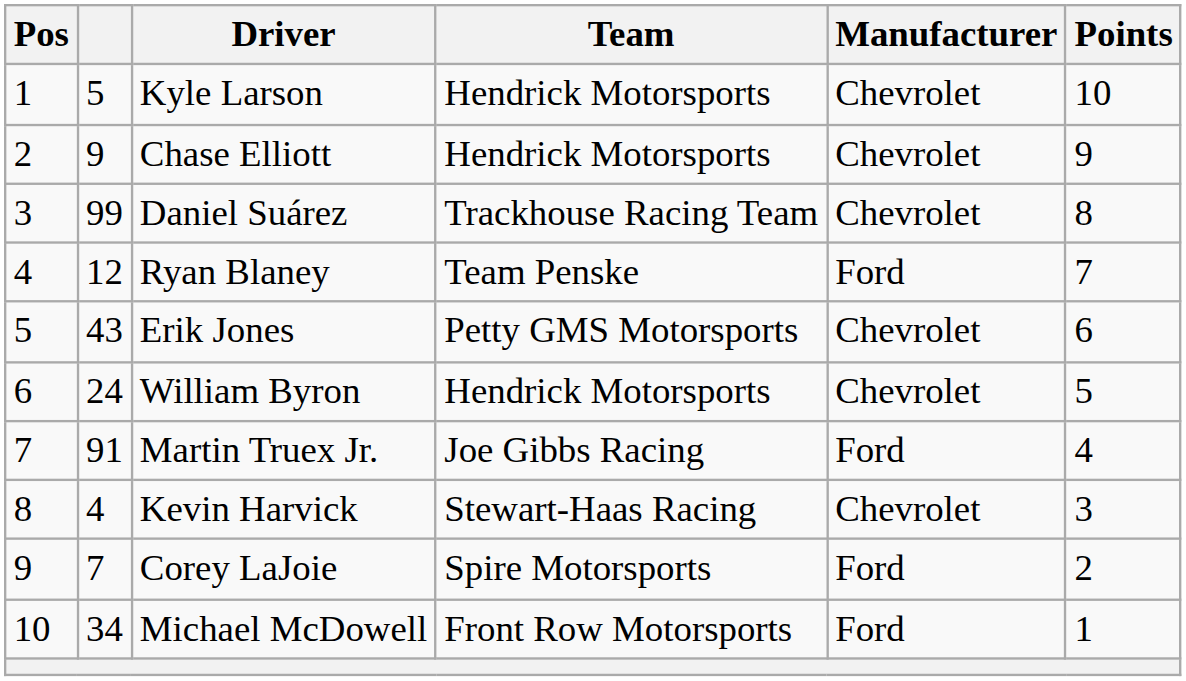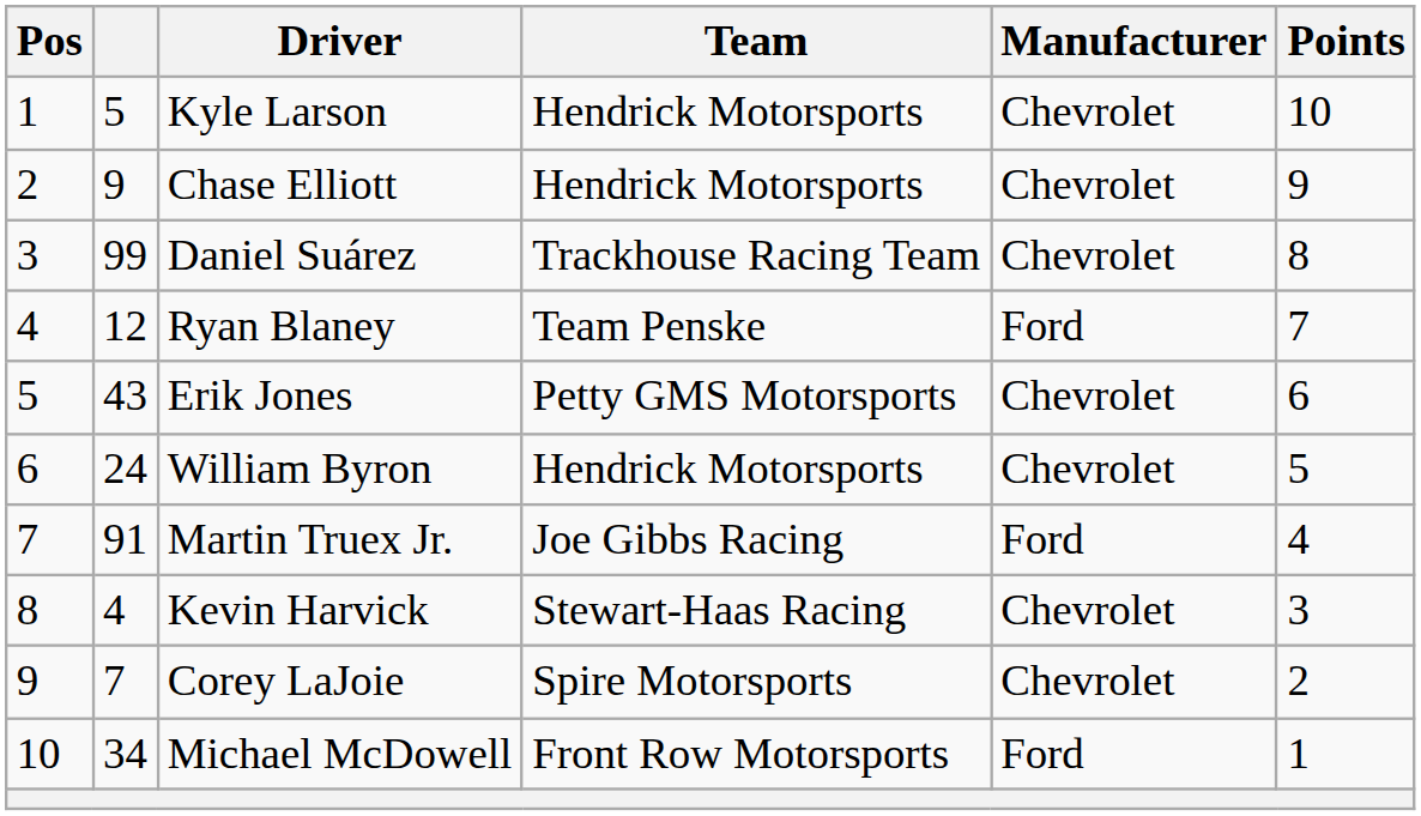 <table class="wikitable" style="font-size:98%">
 <tr>
 <th>Pos</th>
 <th></th>
 <th>Driver</th>
 <th>Team</th>
 <th>Manufacturer</th>
 <th>Points</th>
 </tr>
 <tr>
 <td>1</td>
 <td>5</td>
 <td>Kyle Larson</td>
 <td>Hendrick Motorsports</td>
 <td>Chevrolet</td>
 <td>10</td>
 </tr>
 <tr>
 <td>2</td>
 <td>9</td>
 <td>Chase Elliott</td>
 <td>Hendrick Motorsports</td>
 <td>Chevrolet</td>
 <td>9</td>
 </tr>
 <tr>
 <td>3</td>
 <td>99</td>
 <td>Daniel Suárez</td>
 <td>Trackhouse Racing Team</td>
 <td>Chevrolet</td>
 <td>8</td>
 </tr>
 <tr>
 <td>4</td>
 <td>12</td>
 <td>Ryan Blaney</td>
 <td>Team Penske</td>
 <td>Ford</td>
 <td>7</td>
 </tr>
 <tr>
 <td>5</td>
 <td>43</td>
 <td>Erik Jones</td>
 <td>Petty GMS Motorsports</td>
 <td>Chevrolet</td>
 <td>6</td>
 </tr>
 <tr>
 <td>6</td>
 <td>24</td>
 <td>William Byron</td>
 <td>Hendrick Motorsports</td>
 <td>Chevrolet</td>
 <td>5</td>
 </tr>
 <tr>
 <td>7</td>
 <td>91</td>
 <td>Martin Truex Jr.</td>
 <td>Joe Gibbs Racing</td>
 <td>Ford</td>
 <td>4</td>
 </tr>
 <tr>
 <td>8</td>
 <td>4</td>
 <td>Kevin Harvick</td>
 <td>Stewart-Haas Racing</td>
 <td>Chevrolet</td>
 <td>3</td>
 </tr>
 <tr>
 <td>9</td>
 <td>7</td>
 <td>Corey LaJoie</td>
 <td>Spire Motorsports</td>
-<td>Ford</td>
+<td>Chevrolet</td>
 <td>2</td>
 </tr>
 <tr>
 <td>10</td>
 <td>34</td>
 <td>Michael McDowell</td>
 <td>Front Row Motorsports</td>
 <td>Ford</td>
 <td>1</td>
 </tr>
 <tr>
 <th colspan="6"></th>
 </tr>
 </table>
